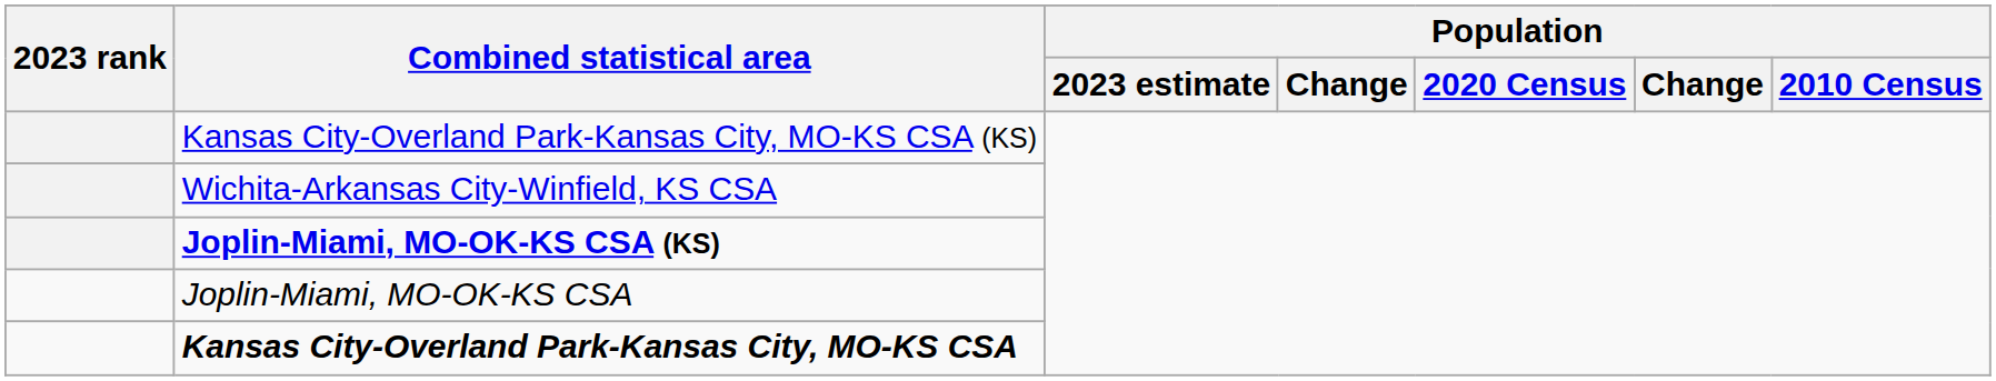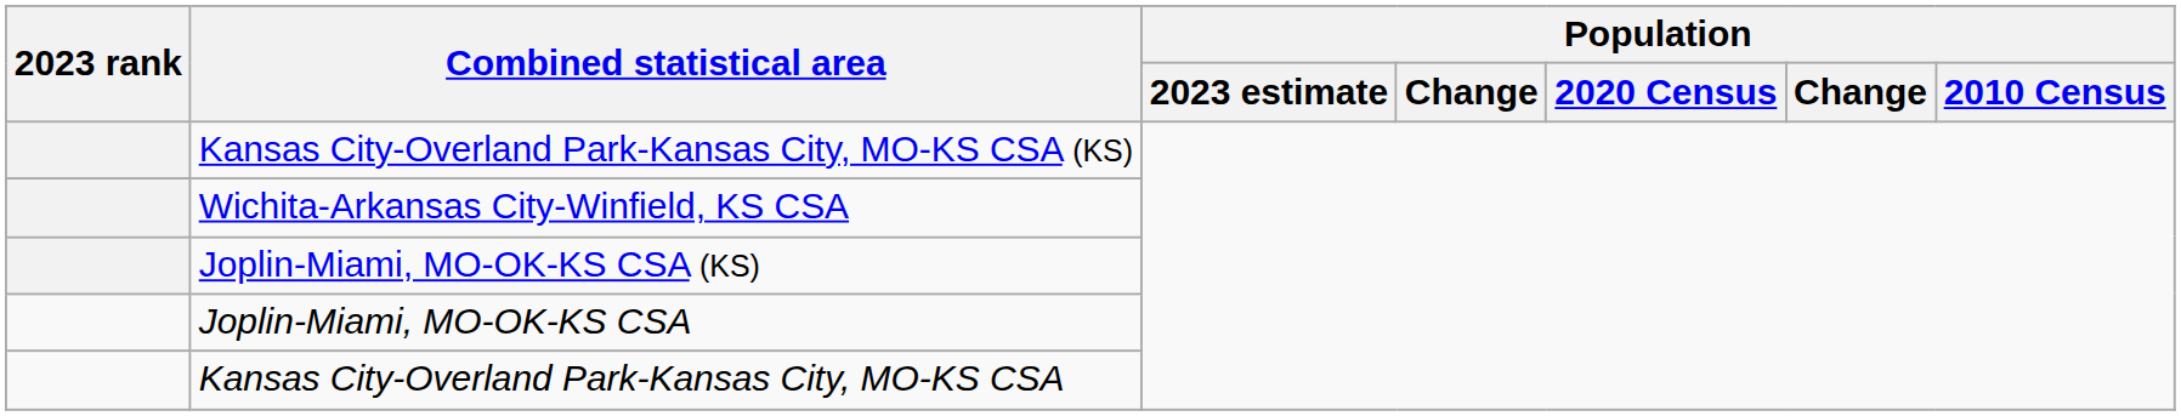 <table class="wikitable sortable">
 <tr>
 <th scope=col rowspan=2>2023 rank</th>
 <th scope=col rowspan=2><a href='#'>Combined statistical area</a></th>
 <th colspan=5>Population</th>
 </tr>
 <tr>
 <th scope=col>2023 estimate</th>
 <th scope=col>Change</th>
 <th scope=col><a href='#'>2020 Census</a></th>
 <th scope=col>Change</th>
 <th scope=col><a href='#'>2010 Census</a></th>
 </tr>
 <tr>
 <th scope=row></th>
 <td><a href='#'>Kansas City-Overland Park-Kansas City, MO-KS CSA</a> <small>(KS)</small><br></td>
 </tr>
 <tr>
 <th scope=row></th>
 <td><a href='#'>Wichita-Arkansas City-Winfield, KS CSA</a><br></td>
 </tr>
 <tr>
 <th scope=row></th>
-<td><strong><a href='#'>Joplin-Miami, MO-OK-KS CSA</a> <small>(KS)</small><br></strong></td>
+<td><a href='#'>Joplin-Miami, MO-OK-KS CSA</a> <small>(KS)</small><br></td>
 </tr>
 <tr>
 <td></td>
 <td><em><span>Joplin-Miami, MO-OK-KS CSA</span></em><br></td>
 </tr>
 <tr>
 <td></td>
-<td><strong><em><span>Kansas City-Overland Park-Kansas City, MO-KS CSA</span></em><br></strong></td>
+<td><em><span>Kansas City-Overland Park-Kansas City, MO-KS CSA</span></em><br></td>
 </tr>
 </table>
